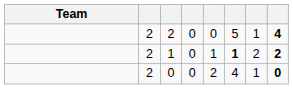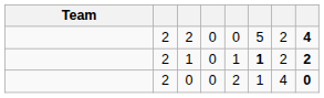 <table class="wikitable" style="text-align:center">
 <tr>
 <th width=165>Team</th>
 <th width=20></th>
 <th width=20></th>
 <th width=20></th>
 <th width=20></th>
 <th width=20></th>
 <th width=20></th>
 <th width=20></th>
 </tr>
 <tr>
 <td align=left></td>
 <td>2</td>
 <td>2</td>
 <td>0</td>
 <td>0</td>
 <td>5</td>
-<td>1</td>
+<td>2</td>
 <td><strong>4</strong></td>
 </tr>
 <tr>
 <td align=left></td>
 <td>2</td>
 <td>1</td>
 <td>0</td>
 <td>1</td>
 <td><strong>1</strong></td>
 <td>2</td>
 <td><strong>2</strong></td>
 </tr>
 <tr>
 <td align=left></td>
 <td>2</td>
 <td>0</td>
 <td>0</td>
 <td>2</td>
+<td>1</td>
 <td>4</td>
-<td>1</td>
 <td><strong>0</strong></td>
 </tr>
 </table>
